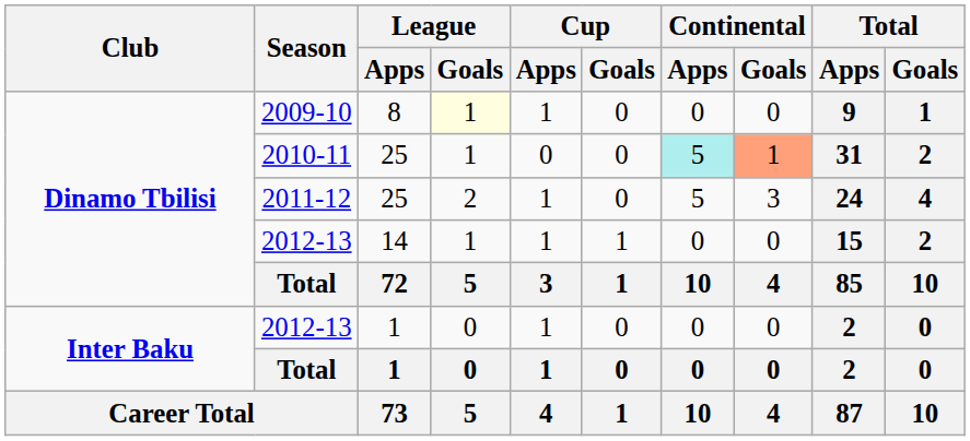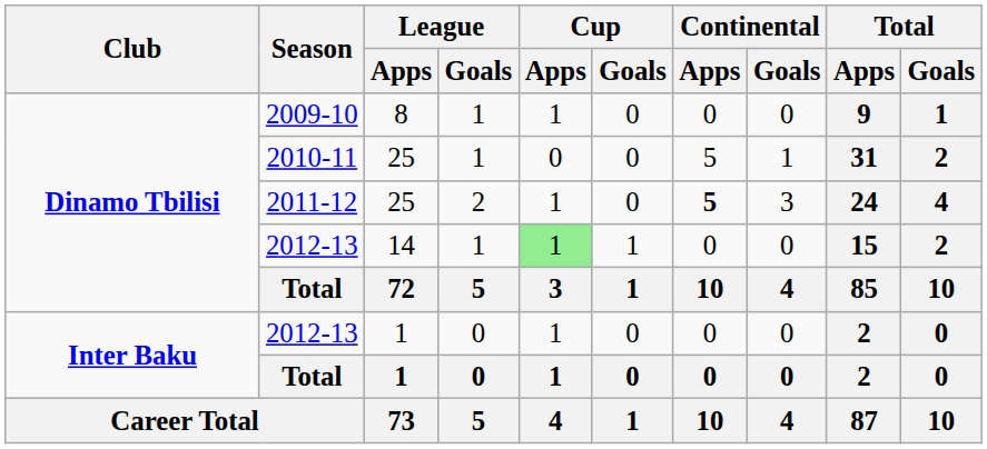 <table class="wikitable">
 <tr>
 <th rowspan="2" width=140>Club</th>
 <th rowspan="2">Season</th>
 <th colspan="2">League</th>
 <th colspan="2">Cup</th>
 <th colspan="2">Continental</th>
 <th colspan="2">Total</th>
 </tr>
 <tr>
 <th>Apps</th>
 <th>Goals</th>
 <th>Apps</th>
 <th>Goals</th>
 <th>Apps</th>
 <th>Goals</th>
 <th>Apps</th>
 <th>Goals</th>
 </tr>
 <tr>
 <td rowspan="5" align=center valign=center><strong><a href='#'>Dinamo Tbilisi</a></strong></td>
 <td align="center"><a href='#'>2009-10</a></td>
 <td align="center">8</td>
-<td align="center" style="background: lightyellow;">1</td>
+<td align="center">1</td>
 <td align="center">1</td>
 <td align="center">0</td>
 <td align="center">0</td>
 <td align="center">0</td>
 <th>9</th>
 <th>1</th>
 </tr>
 <tr>
 <td align="center"><a href='#'>2010-11</a></td>
 <td align="center">25</td>
 <td align="center">1</td>
 <td align="center">0</td>
 <td align="center">0</td>
-<td align="center" style="background: paleturquoise;">5</td>
-<td align="center" style="background: lightsalmon;">1</td>
+<td align="center">5</td>
+<td align="center">1</td>
 <th>31</th>
 <th>2</th>
 </tr>
 <tr>
 <td align="center"><a href='#'>2011-12</a></td>
 <td align="center">25</td>
 <td align="center">2</td>
 <td align="center">1</td>
 <td align="center">0</td>
-<td align="center">5</td>
+<td align="center"><strong>5</strong></td>
 <td align="center">3</td>
 <th>24</th>
 <th>4</th>
 </tr>
 <tr>
 <td align="center"><a href='#'>2012-13</a></td>
 <td align="center">14</td>
 <td align="center">1</td>
-<td align="center">1</td>
+<td align="center" style="background: lightgreen;">1</td>
 <td align="center">1</td>
 <td align="center">0</td>
 <td align="center">0</td>
 <th>15</th>
 <th>2</th>
 </tr>
 <tr style="background:lemonchiffon">
 <th>Total</th>
 <th>72</th>
 <th>5</th>
 <th>3</th>
 <th>1</th>
 <th>10</th>
 <th>4</th>
 <th>85</th>
 <th>10</th>
 </tr>
 <tr>
 <td rowspan="2" align=center valign=center><strong><a href='#'>Inter Baku</a></strong></td>
 <td align="center"><a href='#'>2012-13</a></td>
 <td align="center">1</td>
 <td align="center">0</td>
 <td align="center">1</td>
 <td align="center">0</td>
 <td align="center">0</td>
 <td align="center">0</td>
 <th>2</th>
 <th>0</th>
 </tr>
 <tr>
 <th>Total</th>
 <th>1</th>
 <th>0</th>
 <th>1</th>
 <th>0</th>
 <th>0</th>
 <th>0</th>
 <th>2</th>
 <th>0</th>
 </tr>
 <tr>
 <th colspan="2">Career Total</th>
 <th>73</th>
 <th>5</th>
 <th>4</th>
 <th>1</th>
 <th>10</th>
 <th>4</th>
 <th>87</th>
 <th>10</th>
 </tr>
 </table>
